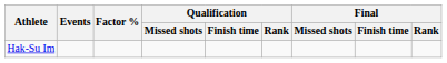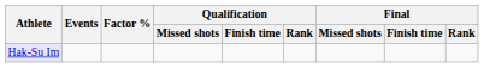 <table class="wikitable" style="font-size:90%">
 <tr>
 <th rowspan="2">Athlete</th>
 <th rowspan="2">Events</th>
 <th rowspan="2">Factor %</th>
 <th colspan="3">Qualification</th>
 <th colspan="4">Final</th>
 </tr>
 <tr>
 <th>Missed shots</th>
 <th>Finish time</th>
 <th>Rank</th>
 <th>Missed shots</th>
 <th>Finish time</th>
 <th>Rank</th>
 </tr>
 <tr>
-<td rowspan="1"><a href='#'>Hak-Su Im</a></td>
+<td rowspan="1" style="background: lavender;"><a href='#'>Hak-Su Im</a></td>
 <td></td>
 <td align="center"></td>
 <td align="center"></td>
 <td align="center"></td>
 <td align="center"></td>
 <td align="center"></td>
 <td align="center"></td>
 <td align="center"></td>
 </tr>
 </table>
